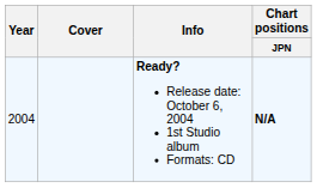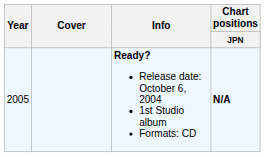 <table class="wikitable">
 <tr>
 <th style="width:25px;" rowspan="2">Year</th>
 <th style="width:120px;" rowspan="2">Cover</th>
 <th style="width:150px;" rowspan="2">Info</th>
 <th>Chart positions</th>
 </tr>
 <tr style="background:#ddd;">
 <th style="width:30px;"><small>JPN</small></th>
 </tr>
 <tr style="background:#f0f8ff;">
-<td>2004</td>
+<td>2005</td>
 <td></td>
 <td><strong>Ready?</strong><br><ul><li>Release date: October 6, 2004</li><li>1st Studio album</li><li>Formats: CD</li></ul></td>
 <td><strong>N/A</strong></td>
 </tr>
 </table>
